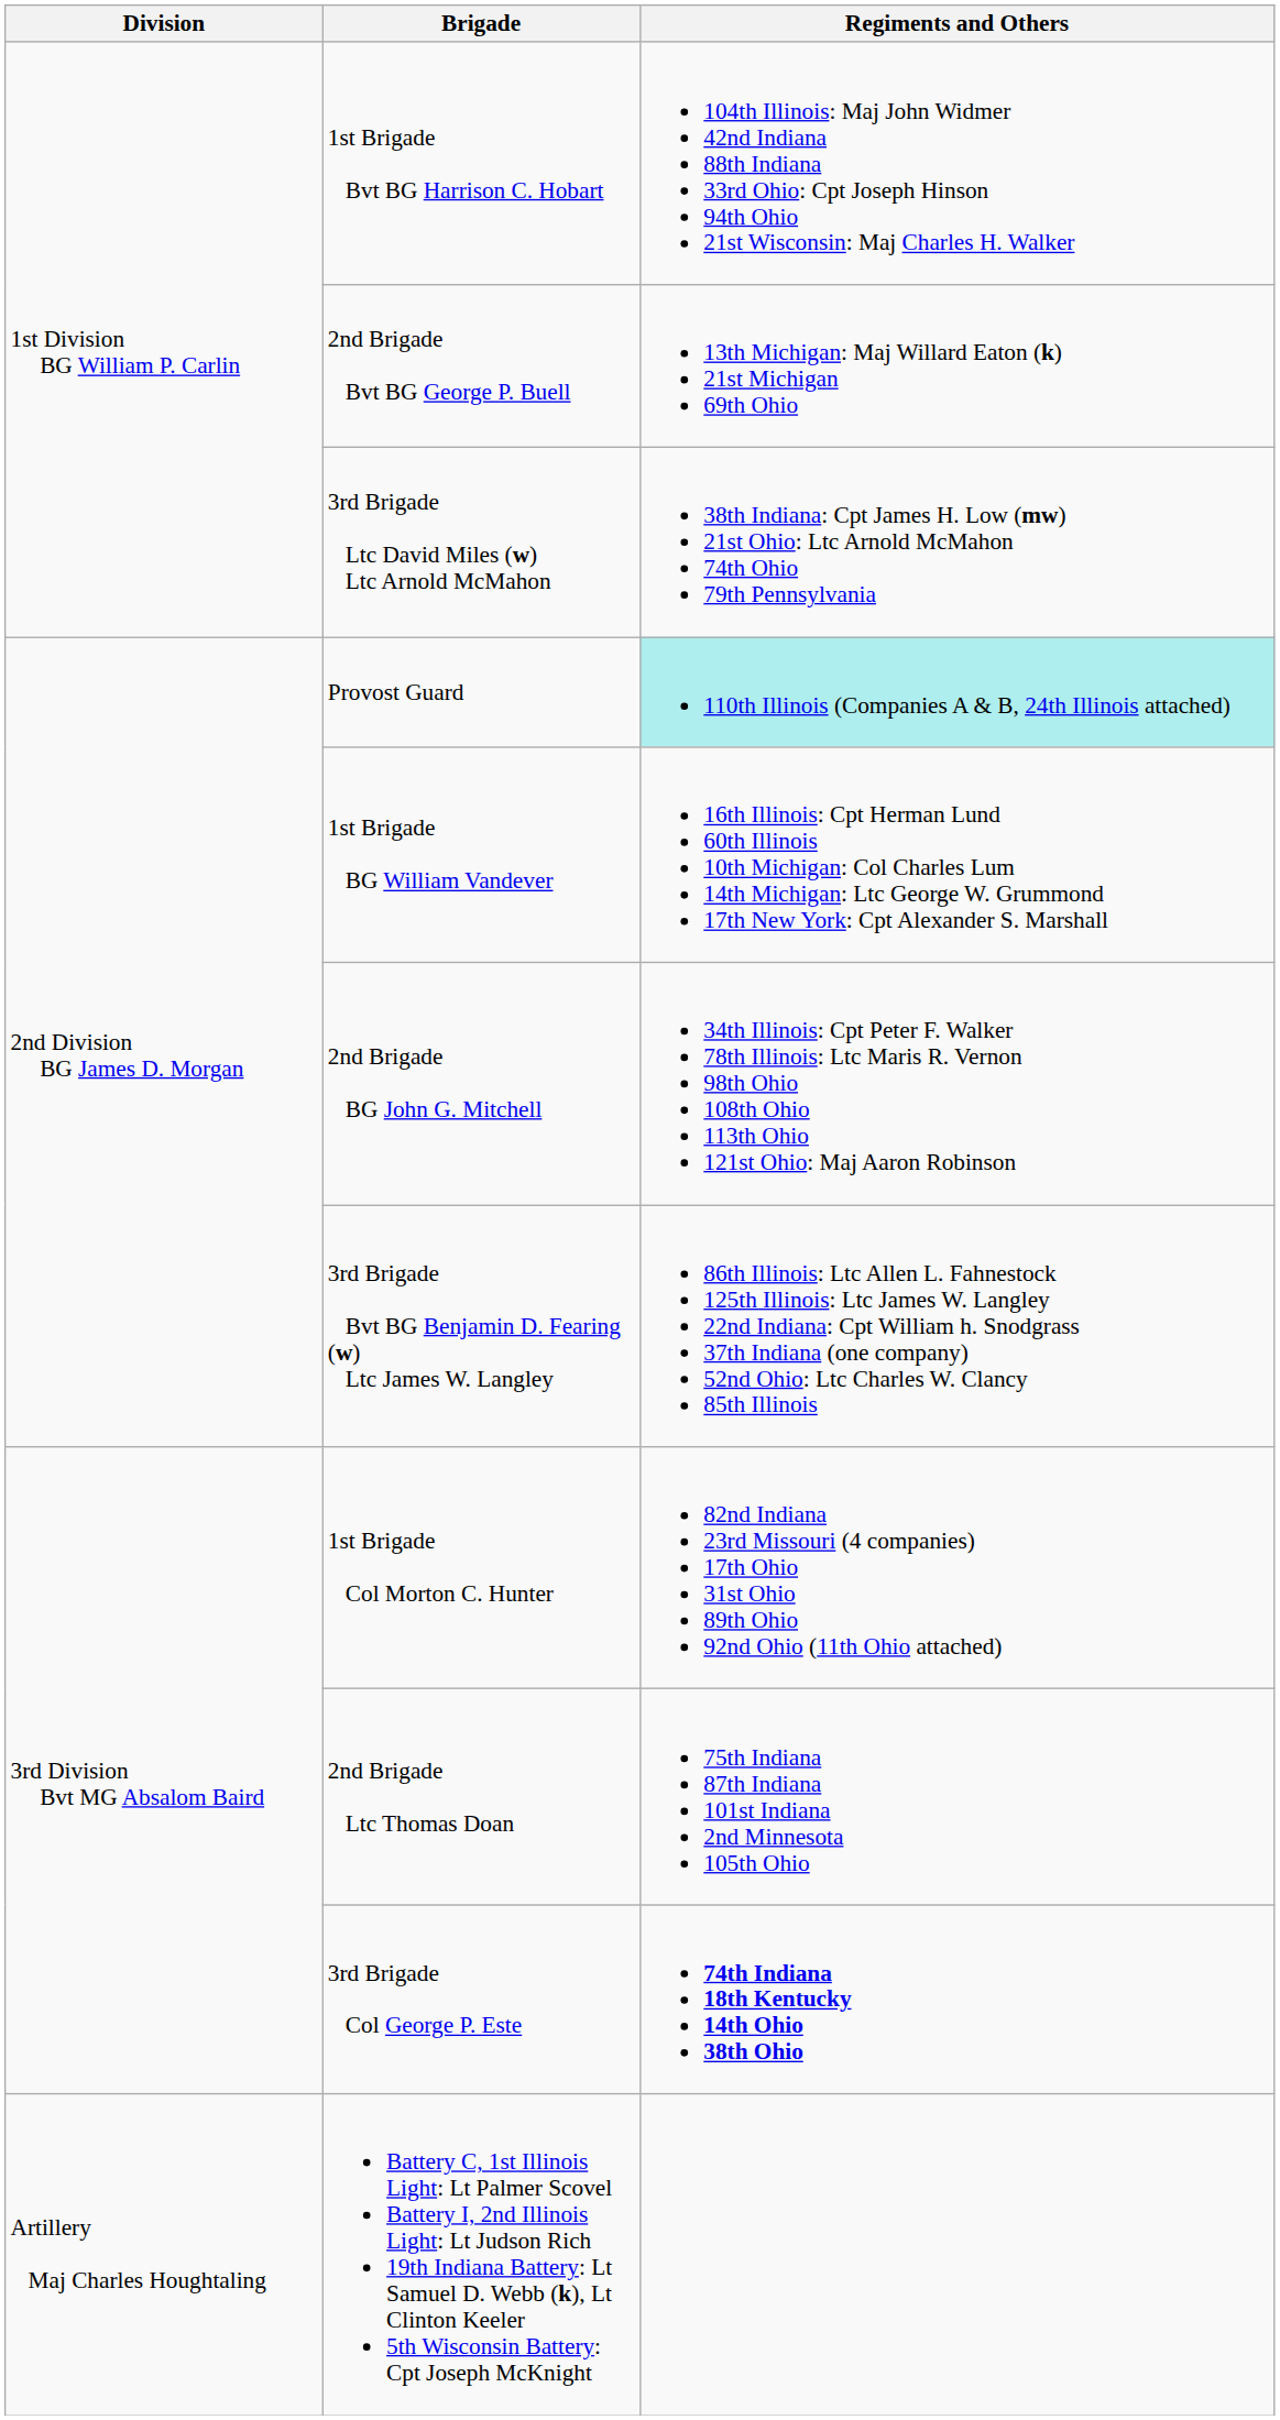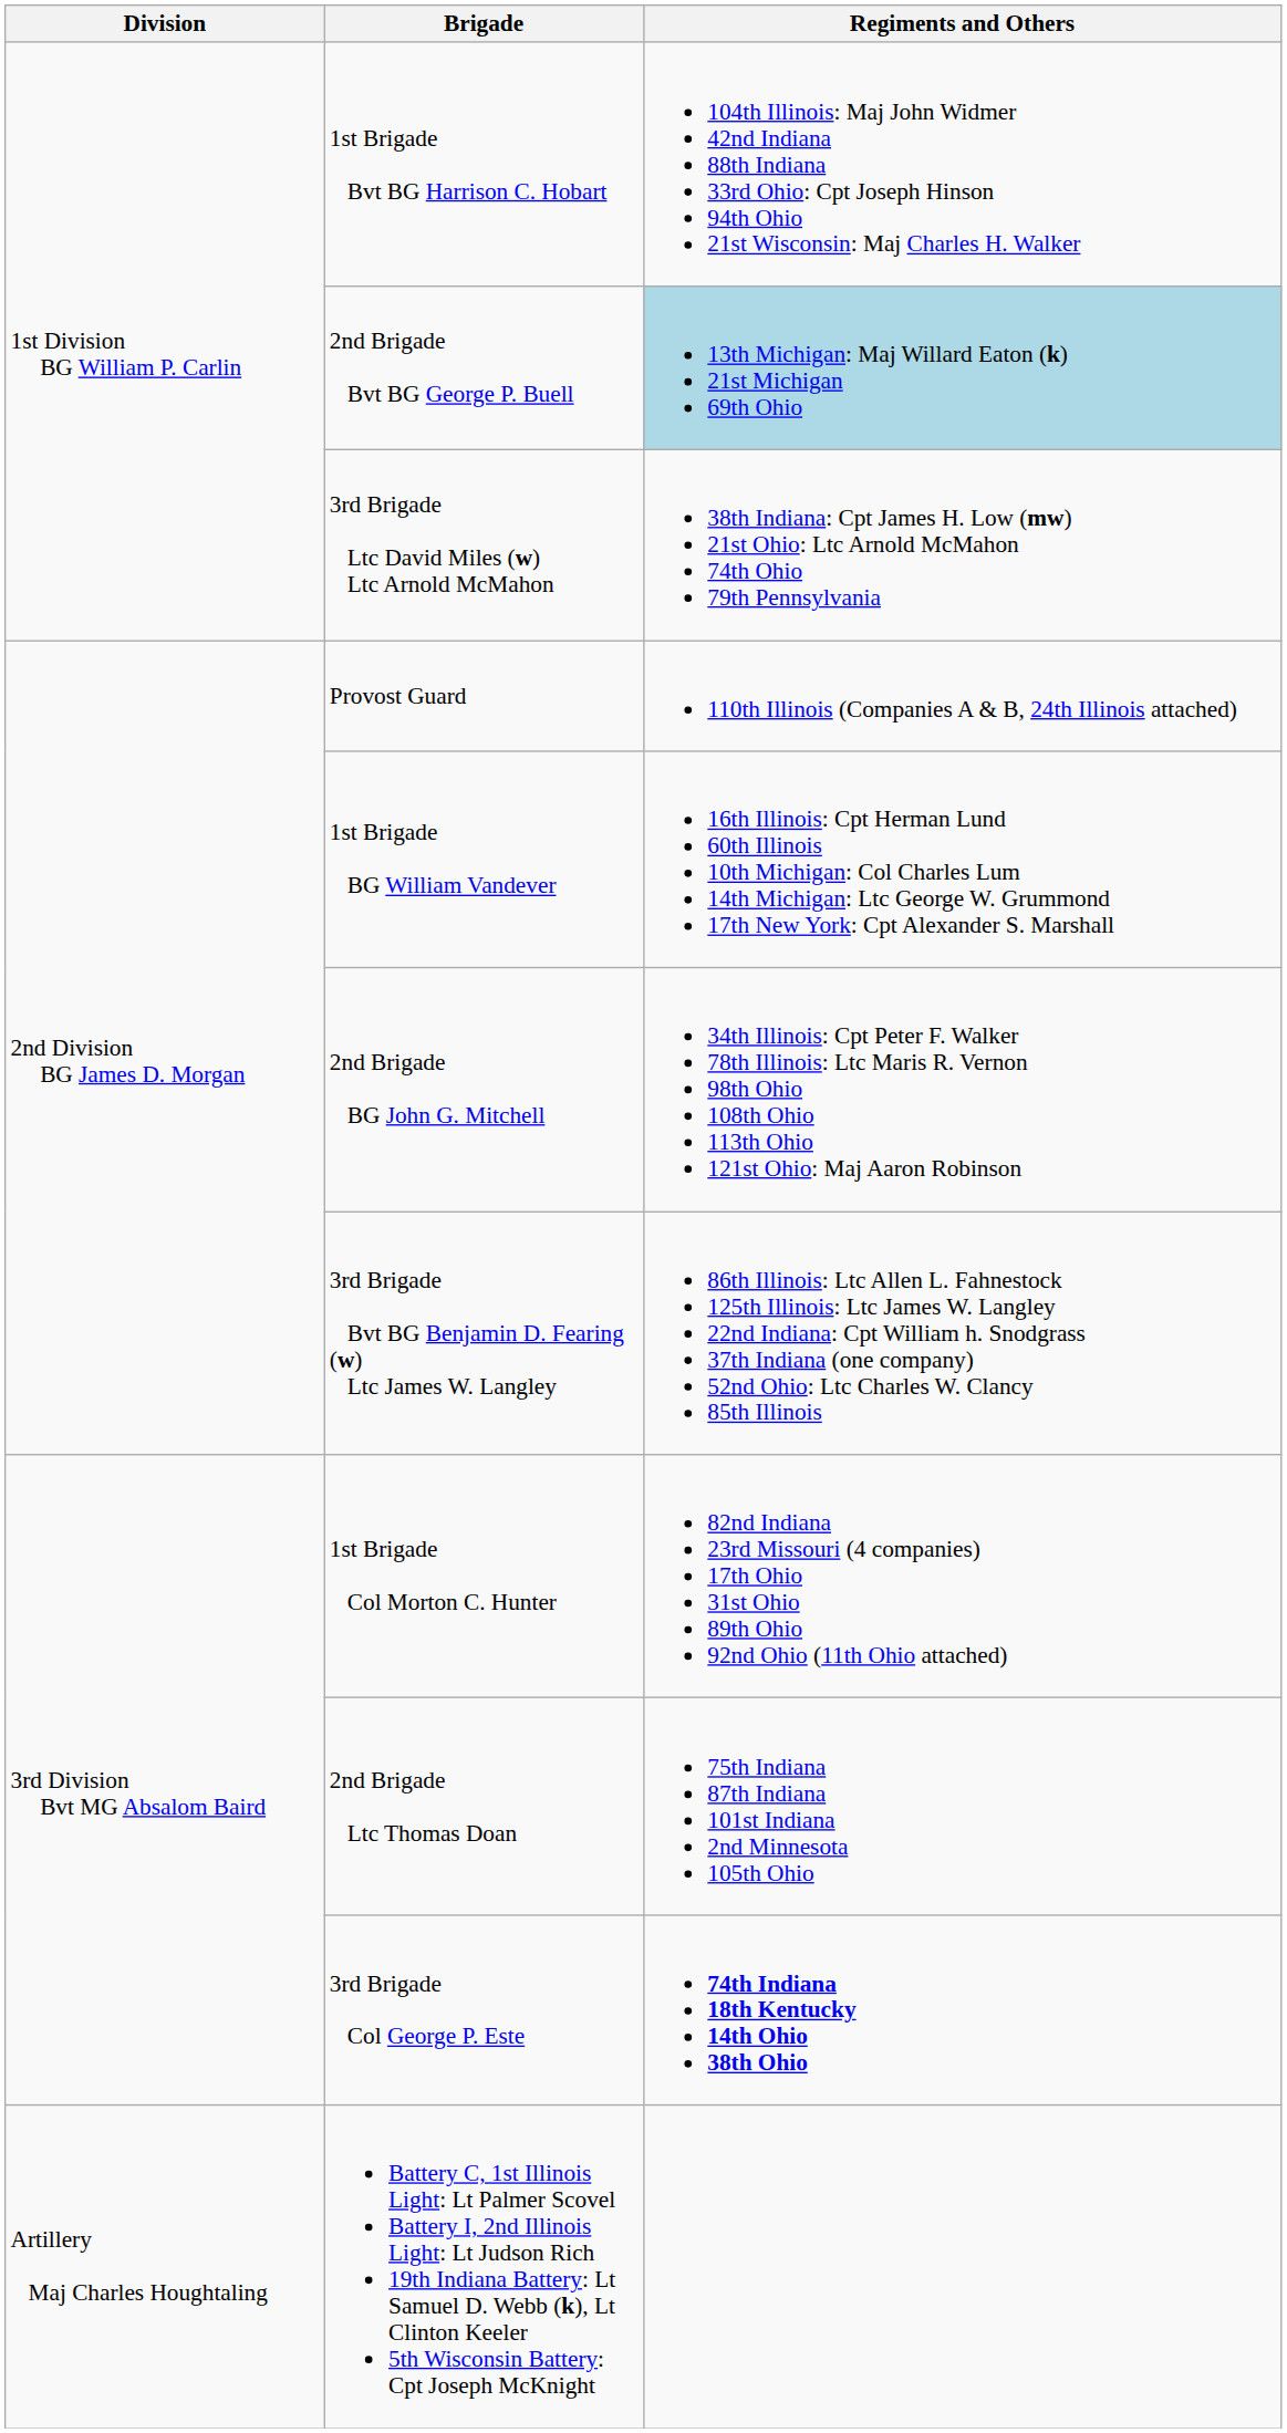 <table class="wikitable">
 <tr>
 <th width=25%>Division</th>
 <th width=25%>Brigade</th>
 <th>Regiments and Others</th>
 </tr>
 <tr>
 <td rowspan=3><br>1st Division <br>     BG <a href='#'>William P. Carlin</a></td>
 <td>1st Brigade<br><br>   Bvt BG <a href='#'>Harrison C. Hobart</a></td>
 <td><br><ul><li><a href='#'>104th Illinois</a>: Maj John Widmer</li><li><a href='#'>42nd Indiana</a></li><li><a href='#'>88th Indiana</a></li><li><a href='#'>33rd Ohio</a>: Cpt Joseph Hinson</li><li><a href='#'>94th Ohio</a></li><li><a href='#'>21st Wisconsin</a>: Maj <a href='#'>Charles H. Walker</a></li></ul></td>
 </tr>
 <tr>
 <td>2nd Brigade<br><br>   Bvt BG <a href='#'>George P. Buell</a></td>
-<td><br><ul><li><a href='#'>13th Michigan</a>: Maj Willard Eaton (<strong>k</strong>)</li><li><a href='#'>21st Michigan</a></li><li><a href='#'>69th Ohio</a></li></ul></td>
+<td style="background: lightblue;"><br><ul><li><a href='#'>13th Michigan</a>: Maj Willard Eaton (<strong>k</strong>)</li><li><a href='#'>21st Michigan</a></li><li><a href='#'>69th Ohio</a></li></ul></td>
 </tr>
 <tr>
 <td>3rd Brigade<br><br>   Ltc David Miles (<strong>w</strong>) <br>   Ltc Arnold McMahon</td>
 <td><br><ul><li><a href='#'>38th Indiana</a>: Cpt James H. Low (<strong>mw</strong>)</li><li><a href='#'>21st Ohio</a>: Ltc Arnold McMahon</li><li><a href='#'>74th Ohio</a></li><li><a href='#'>79th Pennsylvania</a></li></ul></td>
 </tr>
 <tr>
 <td rowspan=4><br>2nd Division <br>     BG <a href='#'>James D. Morgan</a></td>
 <td>Provost Guard</td>
-<td style="background: paleturquoise;"><br><ul><li><a href='#'>110th Illinois</a> (Companies A & B, <a href='#'>24th Illinois</a> attached)</li></ul></td>
+<td><br><ul><li><a href='#'>110th Illinois</a> (Companies A & B, <a href='#'>24th Illinois</a> attached)</li></ul></td>
 </tr>
 <tr>
 <td>1st Brigade<br><br>   BG <a href='#'>William Vandever</a></td>
 <td><br><ul><li><a href='#'>16th Illinois</a>: Cpt Herman Lund</li><li><a href='#'>60th Illinois</a></li><li><a href='#'>10th Michigan</a>: Col Charles Lum</li><li><a href='#'>14th Michigan</a>: Ltc George W. Grummond</li><li><a href='#'>17th New York</a>: Cpt Alexander S. Marshall</li></ul></td>
 </tr>
 <tr>
 <td>2nd Brigade<br><br>   BG <a href='#'>John G. Mitchell</a></td>
 <td><br><ul><li><a href='#'>34th Illinois</a>: Cpt Peter F. Walker</li><li><a href='#'>78th Illinois</a>: Ltc Maris R. Vernon</li><li><a href='#'>98th Ohio</a></li><li><a href='#'>108th Ohio</a></li><li><a href='#'>113th Ohio</a></li><li><a href='#'>121st Ohio</a>: Maj Aaron Robinson</li></ul></td>
 </tr>
 <tr>
 <td>3rd Brigade<br><br>   Bvt BG <a href='#'>Benjamin D. Fearing</a> (<strong>w</strong>) <br>   Ltc James W. Langley</td>
 <td><br><ul><li><a href='#'>86th Illinois</a>: Ltc Allen L. Fahnestock</li><li><a href='#'>125th Illinois</a>: Ltc James W. Langley</li><li><a href='#'>22nd Indiana</a>: Cpt William h. Snodgrass</li><li><a href='#'>37th Indiana</a> (one company)</li><li><a href='#'>52nd Ohio</a>: Ltc Charles W. Clancy</li><li><a href='#'>85th Illinois</a></li></ul></td>
 </tr>
 <tr>
 <td rowspan=3><br>3rd Division <br>     Bvt MG <a href='#'>Absalom Baird</a></td>
 <td>1st Brigade<br><br>   Col Morton C. Hunter</td>
 <td><br><ul><li><a href='#'>82nd Indiana</a></li><li><a href='#'>23rd Missouri</a> (4 companies)</li><li><a href='#'>17th Ohio</a></li><li><a href='#'>31st Ohio</a></li><li><a href='#'>89th Ohio</a></li><li><a href='#'>92nd Ohio</a> (<a href='#'>11th Ohio</a> attached)</li></ul></td>
 </tr>
 <tr>
 <td>2nd Brigade<br><br>   Ltc Thomas Doan</td>
 <td><br><ul><li><a href='#'>75th Indiana</a></li><li><a href='#'>87th Indiana</a></li><li><a href='#'>101st Indiana</a></li><li><a href='#'>2nd Minnesota</a></li><li><a href='#'>105th Ohio</a></li></ul></td>
 </tr>
 <tr>
 <td>3rd Brigade<br><br>   Col <a href='#'>George P. Este</a></td>
 <td><strong><br><ul><li><a href='#'>74th Indiana</a></li><li><a href='#'>18th Kentucky</a></li><li><a href='#'>14th Ohio</a></li><li><a href='#'>38th Ohio</a></li></ul></strong></td>
 </tr>
 <tr>
 <td>Artillery<br><br>   Maj Charles Houghtaling</td>
 <td><br><ul><li><a href='#'>Battery C, 1st Illinois Light</a>: Lt Palmer Scovel</li><li><a href='#'>Battery I, 2nd Illinois Light</a>: Lt Judson Rich</li><li><a href='#'>19th Indiana Battery</a>: Lt Samuel D. Webb (<strong>k</strong>), Lt Clinton Keeler</li><li><a href='#'>5th Wisconsin Battery</a>: Cpt Joseph McKnight</li></ul></td>
 </tr>
 </table>
